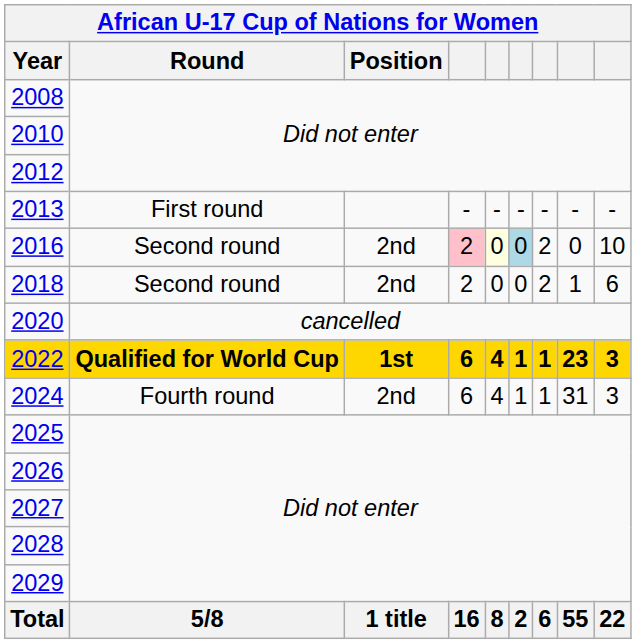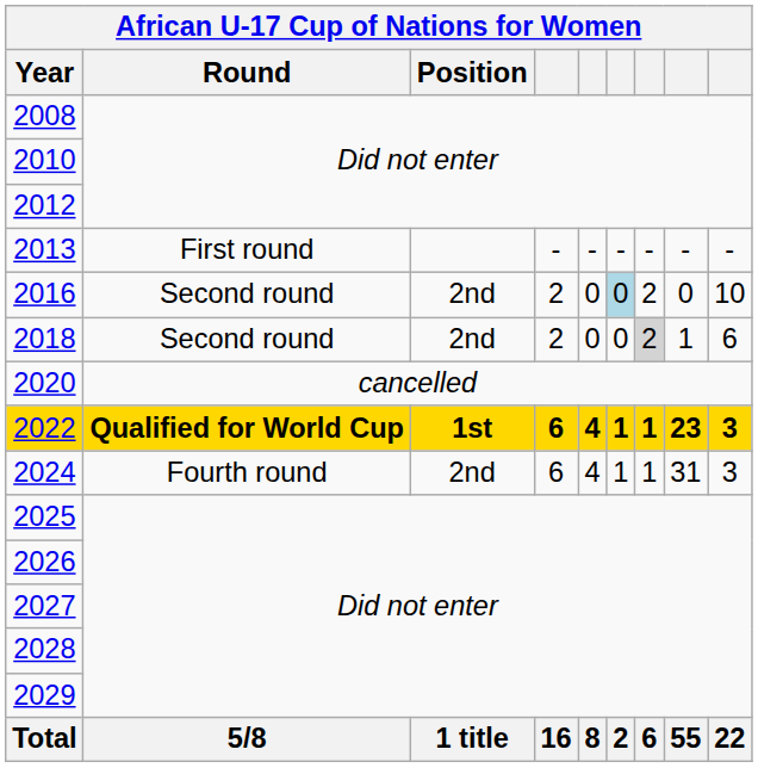 <table class="wikitable" style="text-align: center;">
 <tr>
 <th colspan=9><a href='#'>African U-17 Cup of Nations for Women</a></th>
 </tr>
 <tr>
 <th>Year</th>
 <th>Round</th>
 <th>Position</th>
 <th></th>
 <th></th>
 <th></th>
 <th></th>
 <th></th>
 <th></th>
 </tr>
 <tr>
 <td><a href='#'>2008</a></td>
 <td rowspan=3 colspan=8><em>Did not enter</em></td>
 </tr>
 <tr>
 <td><a href='#'>2010</a></td>
 </tr>
 <tr>
 <td><a href='#'>2012</a></td>
 </tr>
 <tr>
 <td><a href='#'>2013</a></td>
 <td>First round</td>
 <td></td>
 <td>-</td>
 <td>-</td>
 <td>-</td>
 <td>-</td>
 <td>-</td>
 <td>-</td>
 </tr>
 <tr>
 <td><a href='#'>2016</a></td>
 <td>Second round</td>
 <td>2nd</td>
-<td style="background: pink;">2</td>
-<td style="background: lightyellow;">0</td>
+<td>2</td>
+<td>0</td>
 <td style="background: lightblue;">0</td>
 <td>2</td>
 <td>0</td>
 <td>10</td>
 </tr>
 <tr>
 <td><a href='#'>2018</a></td>
 <td>Second round</td>
 <td>2nd</td>
 <td>2</td>
 <td>0</td>
 <td>0</td>
-<td>2</td>
+<td style="background: lightgrey;">2</td>
 <td>1</td>
 <td>6</td>
 </tr>
 <tr>
 <td><a href='#'>2020</a></td>
 <td rowspan=1 colspan=8><em>cancelled</em></td>
 </tr>
 <tr bgcolor=gold>
 <td><a href='#'>2022</a></td>
 <td><strong>Qualified for World Cup</strong></td>
 <td><strong>1st</strong></td>
 <td><strong>6</strong></td>
 <td><strong>4</strong></td>
 <td><strong>1</strong></td>
 <td><strong>1</strong></td>
 <td><strong>23</strong></td>
 <td><strong>3</strong></td>
 </tr>
 <tr>
 <td><a href='#'>2024</a></td>
 <td>Fourth round</td>
 <td>2nd</td>
 <td>6</td>
 <td>4</td>
 <td>1</td>
 <td>1</td>
 <td>31</td>
 <td>3</td>
 </tr>
 <tr>
 <td><a href='#'>2025</a></td>
 <td colspan=8 rowspan=5><em>Did not enter</em></td>
 </tr>
 <tr>
 <td><a href='#'>2026</a></td>
 </tr>
 <tr>
 <td><a href='#'>2027</a></td>
 </tr>
 <tr>
 <td><a href='#'>2028</a></td>
 </tr>
 <tr>
 <td><a href='#'>2029</a></td>
 </tr>
 <tr>
 <th>Total</th>
 <th>5/8</th>
 <th>1 title</th>
 <th>16</th>
 <th>8</th>
 <th>2</th>
 <th>6</th>
 <th>55</th>
 <th>22</th>
 </tr>
 </table>
